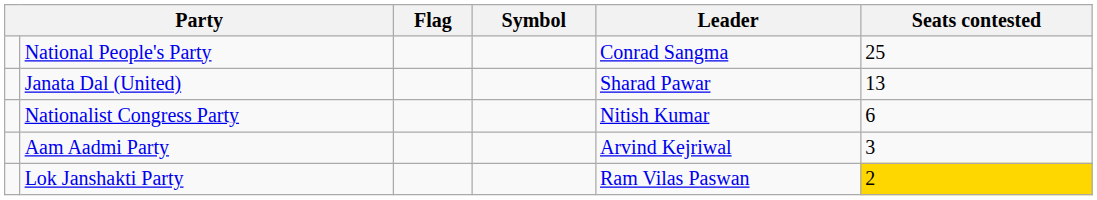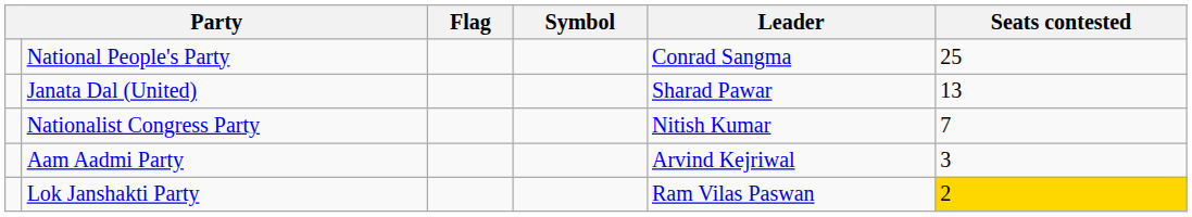 <table class="wikitable" width="55%">
 <tr>
 <th colspan="2">Party</th>
 <th>Flag</th>
 <th>Symbol</th>
 <th>Leader</th>
 <th>Seats contested</th>
 </tr>
 <tr>
 <td style="text-align:center; background:"></td>
 <td><a href='#'>National People's Party</a></td>
 <td></td>
 <td></td>
 <td><a href='#'>Conrad Sangma</a></td>
 <td>25</td>
 </tr>
 <tr>
 <td style="text-align:center; background:"></td>
 <td><a href='#'>Janata Dal (United)</a></td>
 <td></td>
 <td></td>
 <td><a href='#'>Sharad Pawar</a></td>
 <td>13</td>
 </tr>
 <tr>
 <td style="text-align:center; background:"></td>
 <td><a href='#'>Nationalist Congress Party</a></td>
 <td></td>
 <td></td>
 <td><a href='#'>Nitish Kumar</a></td>
-<td>6</td>
+<td>7</td>
 </tr>
 <tr>
 <td style="text-align:center; background:"></td>
 <td><a href='#'>Aam Aadmi Party</a></td>
 <td></td>
 <td></td>
 <td><a href='#'>Arvind Kejriwal</a></td>
 <td>3</td>
 </tr>
 <tr>
 <td style="text-align:center; background:"></td>
 <td><a href='#'>Lok Janshakti Party</a></td>
 <td></td>
 <td></td>
 <td><a href='#'>Ram Vilas Paswan</a></td>
 <td style="background: gold;">2</td>
 </tr>
 </table>
